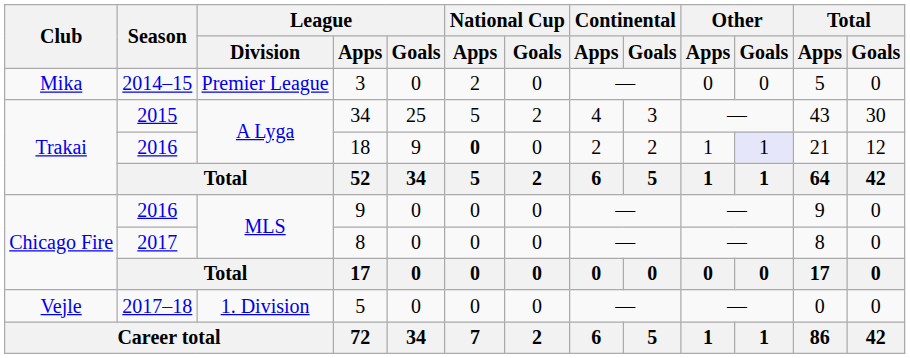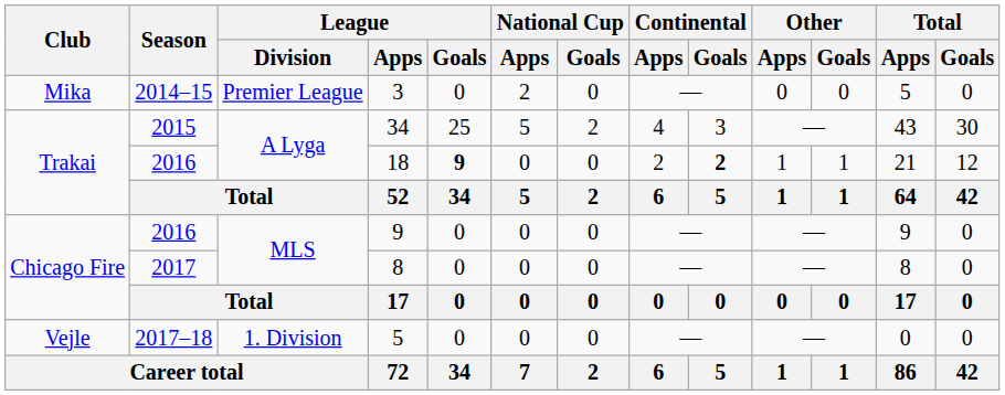 <table class="wikitable" style="text-align:center">
 <tr>
 <th rowspan="2">Club</th>
 <th rowspan="2">Season</th>
 <th colspan="3">League</th>
 <th colspan="2">National Cup</th>
 <th colspan="2">Continental</th>
 <th colspan="2">Other</th>
 <th colspan="2">Total</th>
 </tr>
 <tr>
 <th>Division</th>
 <th>Apps</th>
 <th>Goals</th>
 <th>Apps</th>
 <th>Goals</th>
 <th>Apps</th>
 <th>Goals</th>
 <th>Apps</th>
 <th>Goals</th>
 <th>Apps</th>
 <th>Goals</th>
 </tr>
 <tr>
 <td><a href='#'>Mika</a></td>
 <td><a href='#'>2014–15</a></td>
 <td><a href='#'>Premier League</a></td>
 <td>3</td>
 <td>0</td>
 <td>2</td>
 <td>0</td>
 <td colspan="2">—</td>
 <td>0</td>
 <td>0</td>
 <td>5</td>
 <td>0</td>
 </tr>
 <tr>
 <td rowspan="3"><a href='#'>Trakai</a></td>
 <td><a href='#'>2015</a></td>
 <td rowspan="2"><a href='#'>A Lyga</a></td>
 <td>34</td>
 <td>25</td>
 <td>5</td>
 <td>2</td>
 <td>4</td>
 <td>3</td>
 <td colspan="2">—</td>
 <td>43</td>
 <td>30</td>
 </tr>
 <tr>
 <td><a href='#'>2016</a></td>
 <td>18</td>
-<td>9</td>
-<td><strong>0</strong></td>
+<td><strong>9</strong></td>
+<td>0</td>
 <td>0</td>
 <td>2</td>
-<td>2</td>
+<td><strong>2</strong></td>
 <td>1</td>
-<td style="background: lavender;">1</td>
+<td>1</td>
 <td>21</td>
 <td>12</td>
 </tr>
 <tr>
 <th colspan="2">Total</th>
 <th>52</th>
 <th>34</th>
 <th>5</th>
 <th>2</th>
 <th>6</th>
 <th>5</th>
 <th>1</th>
 <th>1</th>
 <th>64</th>
 <th>42</th>
 </tr>
 <tr>
 <td rowspan="3"><a href='#'>Chicago Fire</a></td>
 <td><a href='#'>2016</a></td>
 <td rowspan="2"><a href='#'>MLS</a></td>
 <td>9</td>
 <td>0</td>
 <td>0</td>
 <td>0</td>
 <td colspan="2">—</td>
 <td colspan="2">—</td>
 <td>9</td>
 <td>0</td>
 </tr>
 <tr>
 <td><a href='#'>2017</a></td>
 <td>8</td>
 <td>0</td>
 <td>0</td>
 <td>0</td>
 <td colspan="2">—</td>
 <td colspan="2">—</td>
 <td>8</td>
 <td>0</td>
 </tr>
 <tr>
 <th colspan="2">Total</th>
 <th>17</th>
 <th>0</th>
 <th>0</th>
 <th>0</th>
 <th>0</th>
 <th>0</th>
 <th>0</th>
 <th>0</th>
 <th>17</th>
 <th>0</th>
 </tr>
 <tr>
 <td><a href='#'>Vejle</a></td>
 <td><a href='#'>2017–18</a></td>
 <td><a href='#'>1. Division</a></td>
 <td>5</td>
 <td>0</td>
 <td>0</td>
 <td>0</td>
 <td colspan="2">—</td>
 <td colspan="2">—</td>
 <td>0</td>
 <td>0</td>
 </tr>
 <tr>
 <th colspan="3">Career total</th>
 <th>72</th>
 <th>34</th>
 <th>7</th>
 <th>2</th>
 <th>6</th>
 <th>5</th>
 <th>1</th>
 <th>1</th>
 <th>86</th>
 <th>42</th>
 </tr>
 </table>
